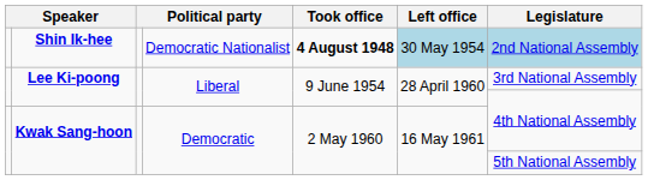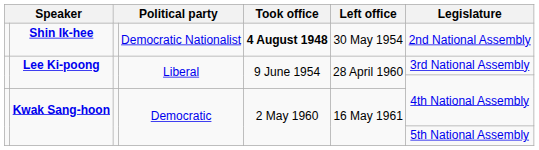 <table class="wikitable" style="text-align:center; border:1px #AAAAFF solid">
 <tr>
 <th colspan="2" align="center" width="0">Speaker</th>
 <th colspan="2" align="center" width="0">Political party</th>
 <th align="center" width="0">Took office</th>
 <th>Left office</th>
 <th>Legislature</th>
 </tr>
 <tr>
 <td></td>
 <td><strong><a href='#'>Shin Ik-hee</a></strong><br><br></td>
 <td style="background:"></td>
 <td><a href='#'>Democratic Nationalist</a></td>
 <td><strong>4 August 1948</strong></td>
-<td style="background: lightblue;">30 May 1954</td>
-<td style="background: lightblue;"><a href='#'>2nd National Assembly</a></td>
+<td>30 May 1954</td>
+<td><a href='#'>2nd National Assembly</a></td>
 </tr>
 <tr>
 <td rowspan="2"></td>
 <td rowspan="2"><strong><a href='#'>Lee Ki-poong</a></strong><br><br></td>
 <td rowspan="2" style="background:"></td>
 <td rowspan="2"><a href='#'>Liberal</a></td>
 <td rowspan="2">9 June 1954</td>
 <td rowspan="2">28 April 1960</td>
 <td><a href='#'>3rd National Assembly</a></td>
 </tr>
 <tr>
 <td rowspan="2"><a href='#'>4th National Assembly</a></td>
 </tr>
 <tr - style="height:50px;">
 <td rowspan="2"></td>
 <td rowspan="2"><strong><a href='#'>Kwak Sang-hoon</a></strong><br><br></td>
 <td rowspan="2" style="background:"></td>
 <td rowspan="2"><a href='#'>Democratic</a></td>
 <td rowspan="2">2 May 1960</td>
 <td rowspan="2">16 May 1961</td>
 </tr>
 <tr>
 <td><a href='#'>5th National Assembly</a></td>
 </tr>
 </table>
